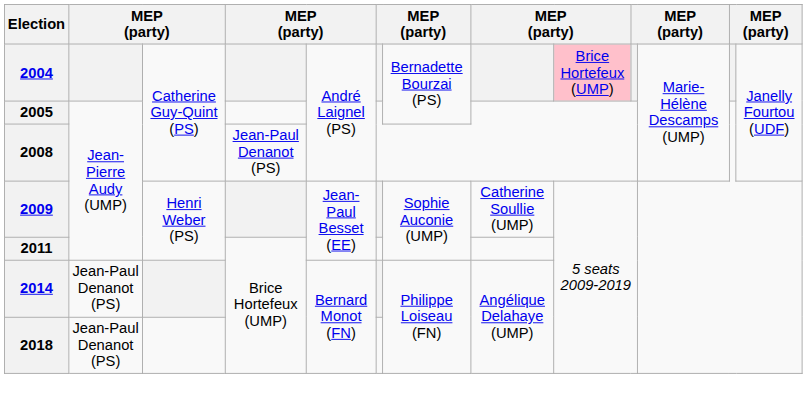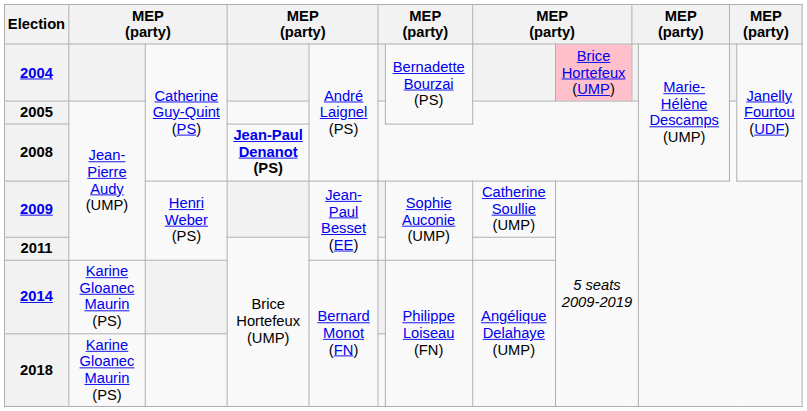 <table class= "wikitable" style= "text-align:center">
 <tr>
 <th>Election</th>
 <th colspan=2>MEP<br>(party)</th>
 <th colspan=2>MEP<br>(party)</th>
 <th colspan=2>MEP<br>(party)</th>
 <th colspan=2>MEP<br>(party)</th>
 <th colspan=2>MEP<br>(party)</th>
 <th colspan=2>MEP<br>(party)</th>
 </tr>
 <tr>
 <th><a href='#'>2004</a></th>
 <th style="background-color: "></th>
 <td rowspan=3><a href='#'>Catherine Guy-Quint</a><br>(<a href='#'>PS</a>)</td>
 <th style="background-color: "></th>
 <td rowspan=3><a href='#'>André Laignel</a><br>(PS)</td>
 <th style="background-color: "></th>
 <td rowspan=2><a href='#'>Bernadette Bourzai</a><br>(PS)</td>
 <th style="background-color: "></th>
 <td rowspan=1 style="background: pink;"><a href='#'>Brice Hortefeux</a><br>(<a href='#'>UMP</a>)</td>
 <th style="background-color: "></th>
 <td rowspan=3><a href='#'>Marie-Hélène Descamps</a><br>(UMP)</td>
 <th style="background-color: "></th>
 <td rowspan=3><a href='#'>Janelly Fourtou</a><br>(<a href='#'>UDF</a>)</td>
 </tr>
 <tr>
 <th>2005</th>
 <td rowspan=4><a href='#'>Jean-Pierre Audy</a><br>(UMP)</td>
 </tr>
 <tr>
 <th>2008</th>
-<td rowspan=1><a href='#'>Jean-Paul Denanot</a><br>(PS)</td>
+<td rowspan=1><strong><a href='#'>Jean-Paul Denanot</a><br>(PS)</strong></td>
 </tr>
 <tr>
 <th><a href='#'>2009</a></th>
 <td rowspan=2><a href='#'>Henri Weber</a><br>(PS)</td>
 <th style="background-color: "></th>
 <td rowspan=2><a href='#'>Jean-Paul Besset</a><br>(<a href='#'>EE</a>)</td>
 <th style="background-color: "></th>
 <td rowspan=2><a href='#'>Sophie Auconie</a><br>(UMP)</td>
 <td rowspan=1><a href='#'>Catherine Soullie</a><br>(UMP)</td>
 <td colspan=2 rowspan=4><em>5 seats<br>2009-2019</em></td>
 </tr>
 <tr>
 <th>2011</th>
 <td rowspan=3>Brice Hortefeux<br>(UMP)</td>
 </tr>
 <tr>
 <th><a href='#'>2014</a></th>
-<td rowspan=1>Jean-Paul Denanot<br>(PS)</td>
+<td rowspan=1><a href='#'>Karine Gloanec Maurin</a><br>(PS)</td>
 <th style="background-color: "></th>
 <td rowspan=2><a href='#'>Bernard Monot</a><br>(<a href='#'>FN</a>)</td>
 <th style="background-color: "></th>
 <td rowspan=2><a href='#'>Philippe Loiseau</a><br>(FN)</td>
 <td rowspan=2><a href='#'>Angélique Delahaye</a><br>(UMP)</td>
 </tr>
 <tr>
 <th>2018</th>
-<td rowspan=1>Jean-Paul Denanot<br>(PS)</td>
+<td rowspan=1><a href='#'>Karine Gloanec Maurin</a><br>(PS)</td>
 </tr>
 </table>
